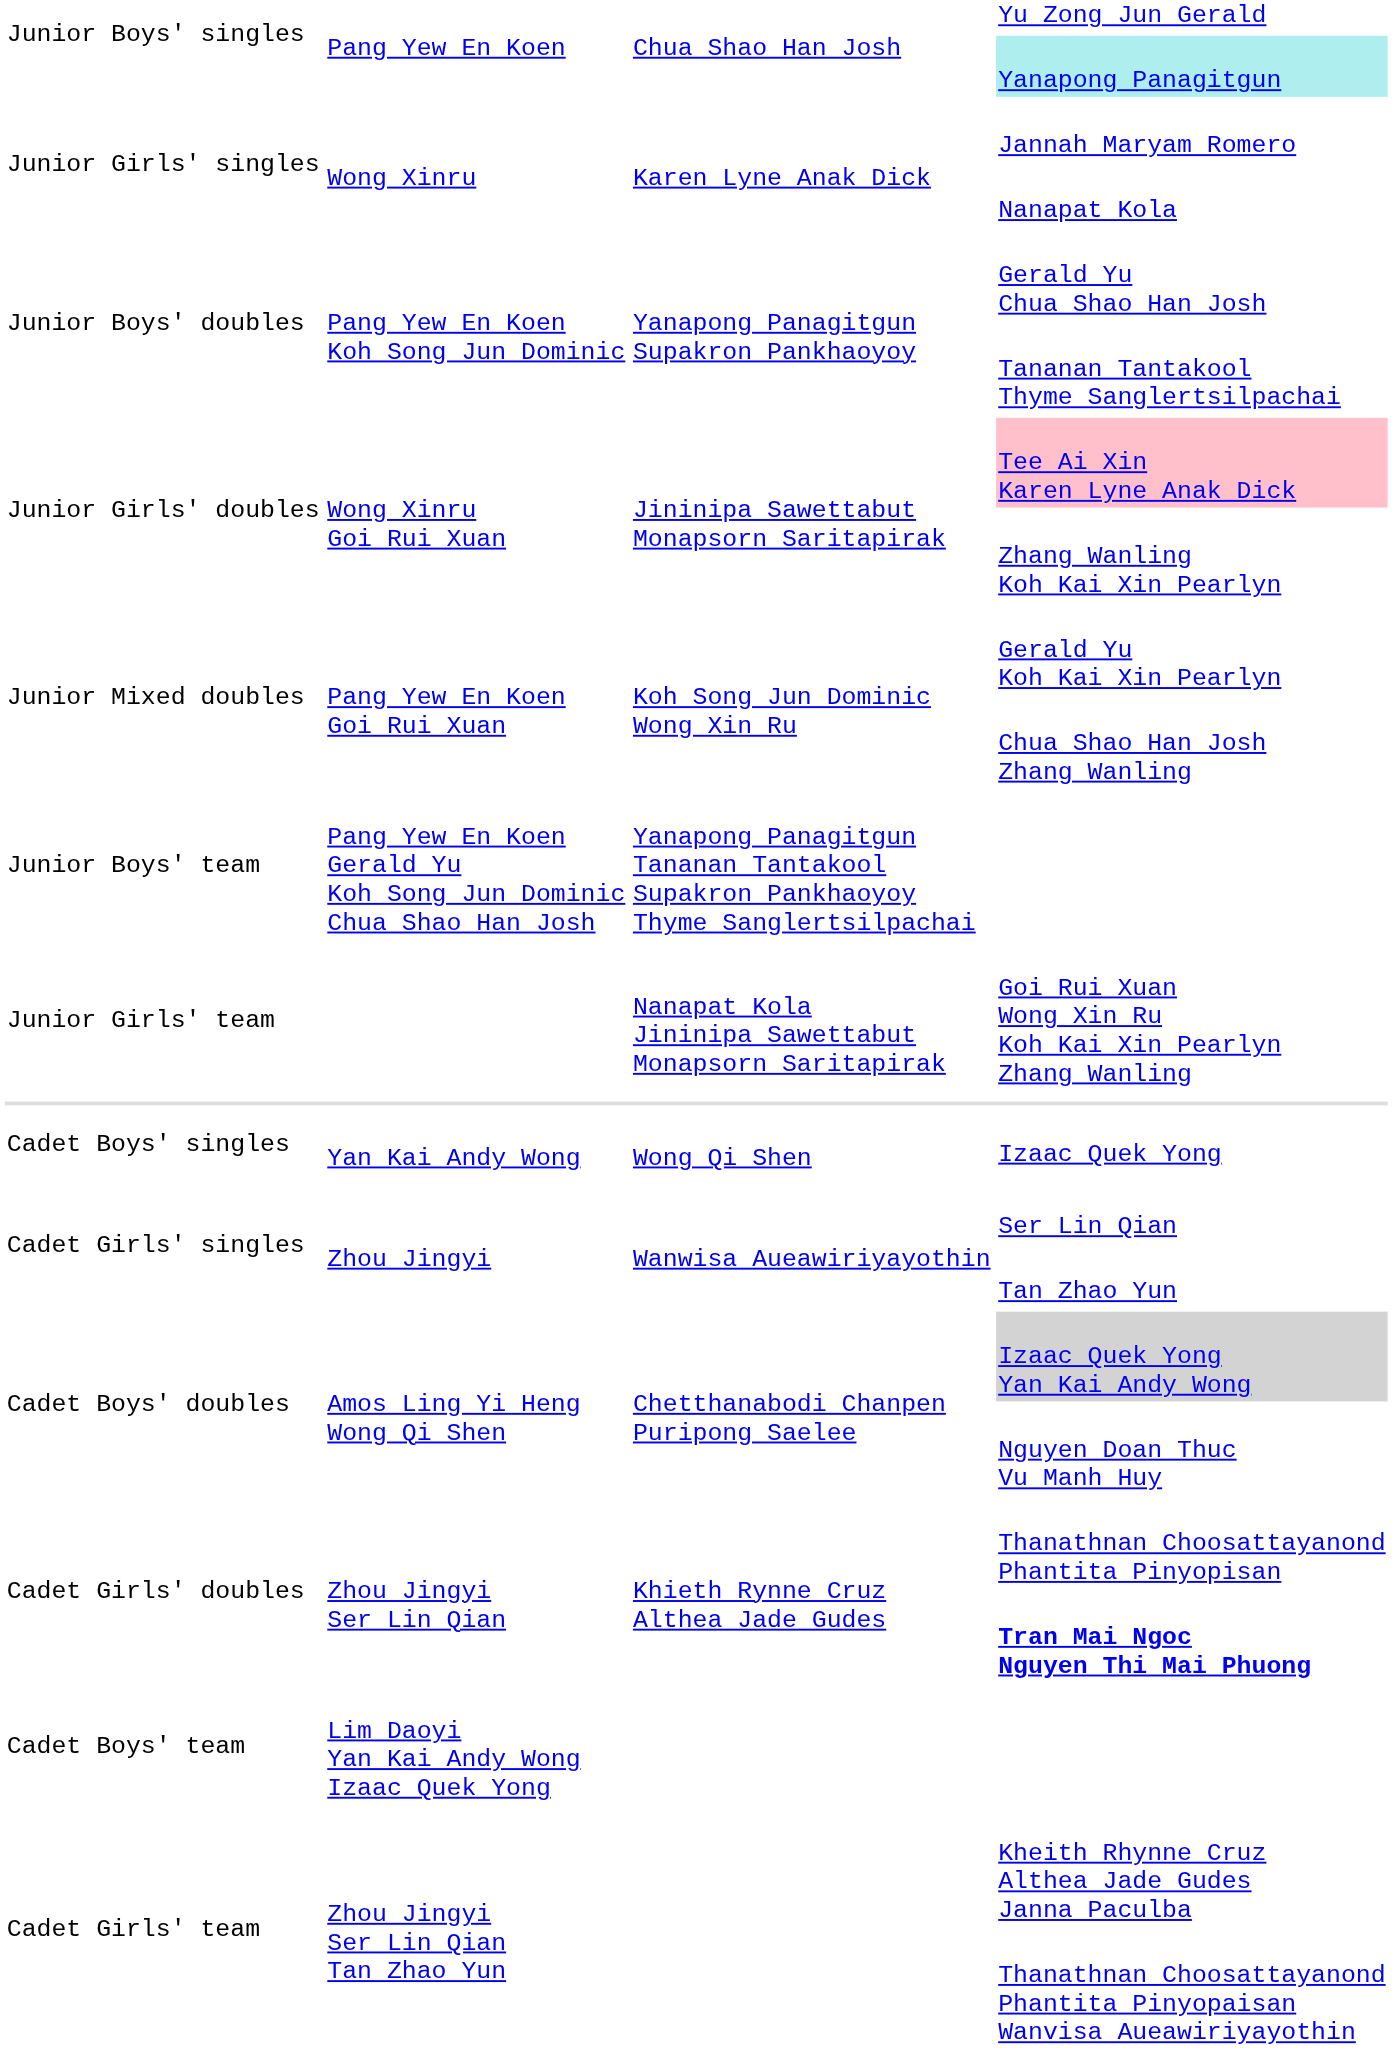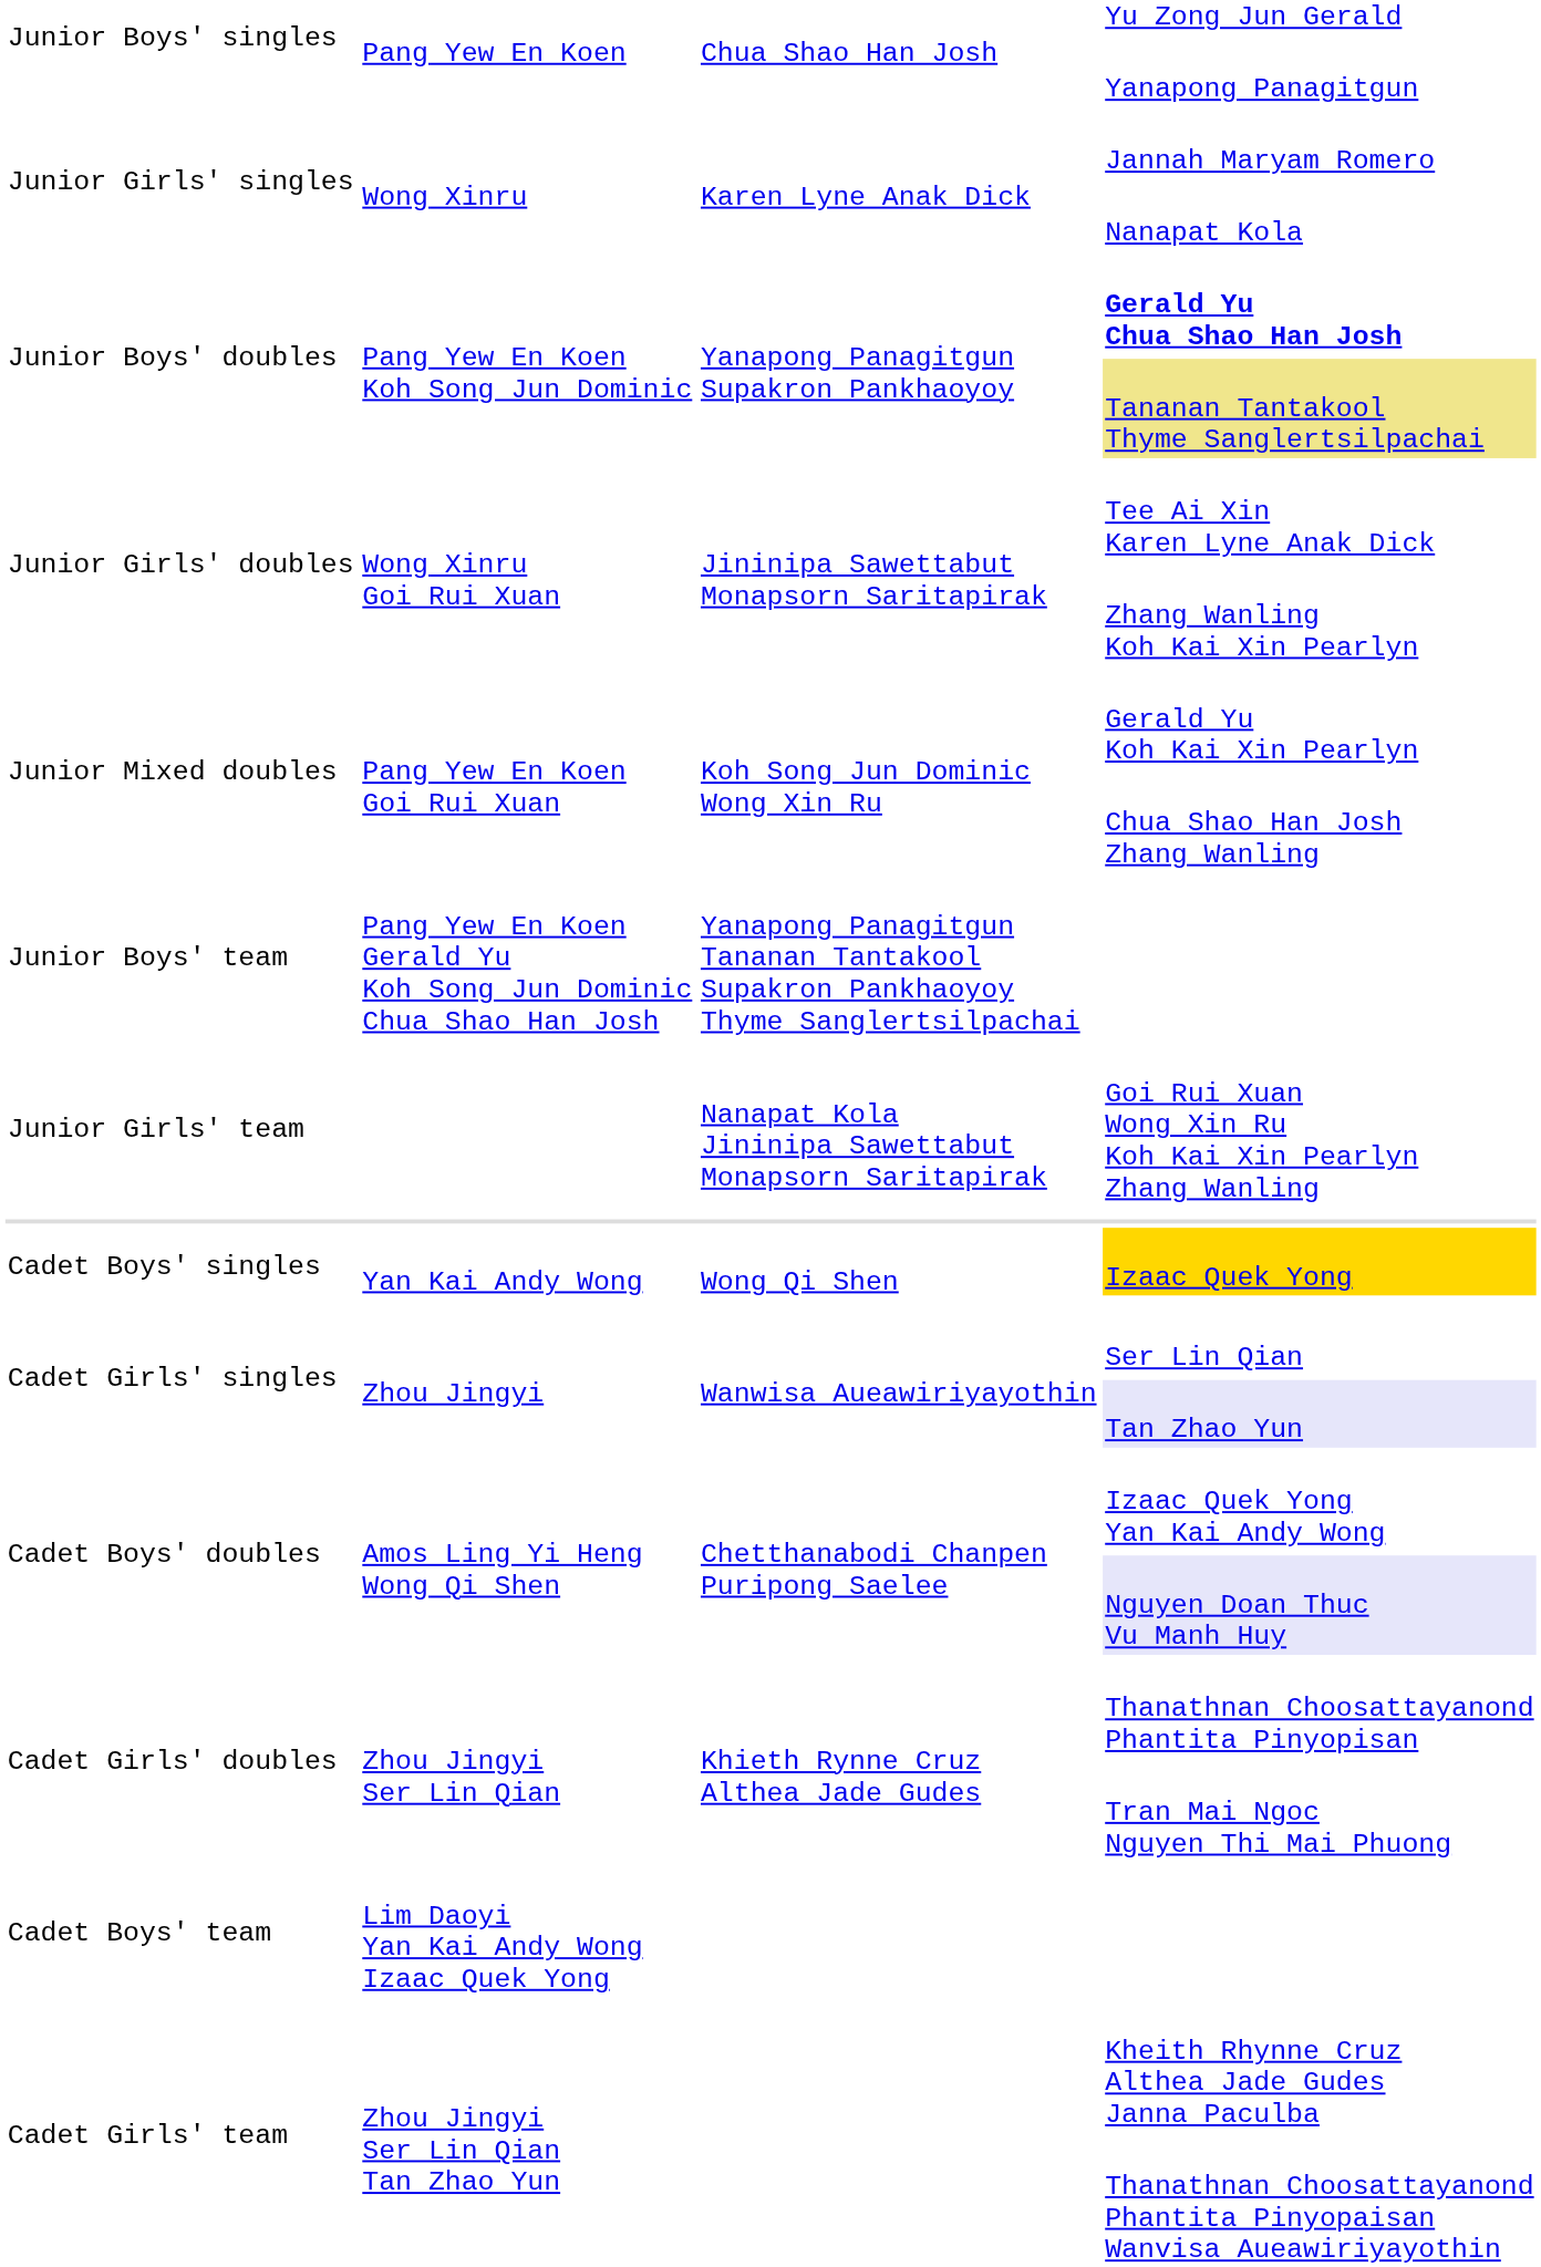 <table>
 <tr>
 <td rowspan=2>Junior Boys' singles</td>
 <td rowspan=2><br><a href='#'>Pang Yew En Koen</a></td>
 <td rowspan=2><br><a href='#'>Chua Shao Han Josh</a></td>
 <td><br><a href='#'>Yu Zong Jun Gerald</a></td>
 </tr>
 <tr>
-<td style="background: paleturquoise;"><br><a href='#'>Yanapong Panagitgun</a></td>
+<td><br><a href='#'>Yanapong Panagitgun</a></td>
 </tr>
 <tr>
 <td rowspan=2>Junior Girls' singles</td>
 <td rowspan=2><br><a href='#'>Wong Xinru</a></td>
 <td rowspan=2><br><a href='#'>Karen Lyne Anak Dick</a></td>
 <td><br><a href='#'>Jannah Maryam Romero</a></td>
 </tr>
 <tr>
 <td><br><a href='#'>Nanapat Kola</a></td>
 </tr>
 <tr>
 <td rowspan=2>Junior Boys' doubles</td>
 <td rowspan=2><br><a href='#'>Pang Yew En Koen</a><br><a href='#'>Koh Song Jun Dominic</a></td>
 <td rowspan=2><br><a href='#'>Yanapong Panagitgun</a><br><a href='#'>Supakron Pankhaoyoy</a></td>
-<td><br><a href='#'>Gerald Yu</a><br><a href='#'>Chua Shao Han Josh</a></td>
+<td><strong><br><a href='#'>Gerald Yu</a><br><a href='#'>Chua Shao Han Josh</a></strong></td>
 </tr>
 <tr>
-<td><br><a href='#'>Tananan Tantakool</a><br><a href='#'>Thyme Sanglertsilpachai</a></td>
+<td style="background: khaki;"><br><a href='#'>Tananan Tantakool</a><br><a href='#'>Thyme Sanglertsilpachai</a></td>
 </tr>
 <tr>
 <td rowspan=2>Junior Girls' doubles</td>
 <td rowspan=2><br><a href='#'>Wong Xinru</a><br><a href='#'>Goi Rui Xuan</a></td>
 <td rowspan=2><br><a href='#'>Jininipa Sawettabut</a><br><a href='#'>Monapsorn Saritapirak</a></td>
-<td style="background: pink;"><br><a href='#'>Tee Ai Xin</a><br><a href='#'>Karen Lyne Anak Dick</a></td>
+<td><br><a href='#'>Tee Ai Xin</a><br><a href='#'>Karen Lyne Anak Dick</a></td>
 </tr>
 <tr>
 <td><br><a href='#'>Zhang Wanling</a><br><a href='#'>Koh Kai Xin Pearlyn</a></td>
 </tr>
 <tr>
 <td rowspan=2>Junior Mixed doubles</td>
 <td rowspan=2><br><a href='#'>Pang Yew En Koen</a><br><a href='#'>Goi Rui Xuan</a></td>
 <td rowspan=2><br><a href='#'>Koh Song Jun Dominic</a><br><a href='#'>Wong Xin Ru</a></td>
 <td><br><a href='#'>Gerald Yu</a><br><a href='#'>Koh Kai Xin Pearlyn</a></td>
 </tr>
 <tr>
 <td><br><a href='#'>Chua Shao Han Josh</a><br><a href='#'>Zhang Wanling</a></td>
 </tr>
 <tr>
 <td rowspan=2>Junior Boys' team</td>
 <td rowspan=2><br><a href='#'>Pang Yew En Koen</a><br><a href='#'>Gerald Yu</a><br><a href='#'>Koh Song Jun Dominic</a><br><a href='#'>Chua Shao Han Josh</a></td>
 <td rowspan=2><br><a href='#'>Yanapong Panagitgun</a><br><a href='#'>Tananan Tantakool</a><br><a href='#'>Supakron Pankhaoyoy</a><br><a href='#'>Thyme Sanglertsilpachai</a></td>
 <td></td>
 </tr>
 <tr>
 <td></td>
 </tr>
 <tr>
 <td rowspan=2>Junior Girls' team</td>
 <td rowspan=2></td>
 <td rowspan=2><br><a href='#'>Nanapat Kola</a><br><a href='#'>Jininipa Sawettabut</a><br><a href='#'>Monapsorn Saritapirak</a></td>
 <td><br><a href='#'>Goi Rui Xuan</a><br><a href='#'>Wong Xin Ru</a><br><a href='#'>Koh Kai Xin Pearlyn</a><br><a href='#'>Zhang Wanling</a></td>
 </tr>
 <tr>
 <td></td>
 </tr>
 <tr style="background:#dddddd;">
 <td colspan=7></td>
 </tr>
 <tr>
 <td rowspan=2>Cadet Boys' singles</td>
 <td rowspan=2><br><a href='#'>Yan Kai Andy Wong</a></td>
 <td rowspan=2><br><a href='#'>Wong Qi Shen</a></td>
-<td><br><a href='#'>Izaac Quek Yong</a></td>
+<td style="background: gold;"><br><a href='#'>Izaac Quek Yong</a></td>
 </tr>
 <tr>
 <td></td>
 </tr>
 <tr>
 <td rowspan=2>Cadet Girls' singles</td>
 <td rowspan=2><br><a href='#'>Zhou Jingyi</a></td>
 <td rowspan=2><br><a href='#'>Wanwisa Aueawiriyayothin</a></td>
 <td><br><a href='#'>Ser Lin Qian</a></td>
 </tr>
 <tr>
-<td><br><a href='#'>Tan Zhao Yun</a></td>
+<td style="background: lavender;"><br><a href='#'>Tan Zhao Yun</a></td>
 </tr>
 <tr>
 <td rowspan=2>Cadet Boys' doubles</td>
 <td rowspan=2><br><a href='#'>Amos Ling Yi Heng</a><br><a href='#'>Wong Qi Shen</a></td>
 <td rowspan=2><br><a href='#'>Chetthanabodi Chanpen</a><br><a href='#'>Puripong Saelee</a></td>
-<td style="background: lightgrey;"><br><a href='#'>Izaac Quek Yong</a><br><a href='#'>Yan Kai Andy Wong</a></td>
+<td><br><a href='#'>Izaac Quek Yong</a><br><a href='#'>Yan Kai Andy Wong</a></td>
 </tr>
 <tr>
-<td><br><a href='#'>Nguyen Doan Thuc</a><br><a href='#'>Vu Manh Huy</a></td>
+<td style="background: lavender;"><br><a href='#'>Nguyen Doan Thuc</a><br><a href='#'>Vu Manh Huy</a></td>
 </tr>
 <tr>
 <td rowspan=2>Cadet Girls' doubles</td>
 <td rowspan=2><br><a href='#'>Zhou Jingyi</a><br><a href='#'>Ser Lin Qian</a></td>
 <td rowspan=2><br><a href='#'>Khieth Rynne Cruz</a><br><a href='#'>Althea Jade Gudes</a></td>
 <td><br><a href='#'>Thanathnan Choosattayanond</a><br><a href='#'>Phantita Pinyopisan</a></td>
 </tr>
 <tr>
-<td><strong><br><a href='#'>Tran Mai Ngoc</a><br><a href='#'>Nguyen Thi Mai Phuong</a></strong></td>
+<td><br><a href='#'>Tran Mai Ngoc</a><br><a href='#'>Nguyen Thi Mai Phuong</a></td>
 </tr>
 <tr>
 <td rowspan=2>Cadet Boys' team</td>
 <td rowspan=2><br><a href='#'>Lim Daoyi</a><br><a href='#'>Yan Kai Andy Wong</a><br><a href='#'>Izaac Quek Yong</a></td>
 <td rowspan=2></td>
 <td></td>
 </tr>
 <tr>
 <td></td>
 </tr>
 <tr>
 <td rowspan=2>Cadet Girls' team</td>
 <td rowspan=2><br><a href='#'>Zhou Jingyi</a><br><a href='#'>Ser Lin Qian</a><br><a href='#'>Tan Zhao Yun</a></td>
 <td rowspan=2></td>
 <td><br><a href='#'>Kheith Rhynne Cruz</a><br><a href='#'>Althea Jade Gudes</a><br><a href='#'>Janna Paculba</a></td>
 </tr>
 <tr>
 <td><br><a href='#'>Thanathnan Choosattayanond</a><br><a href='#'>Phantita Pinyopaisan</a><br><a href='#'>Wanvisa Aueawiriyayothin</a></td>
 </tr>
 </table>
